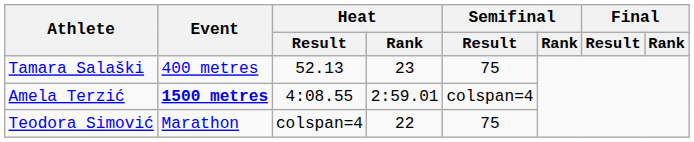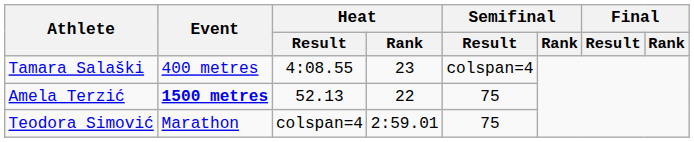 <table class="wikitable" style="font-size:90%">
 <tr>
 <th rowspan="2">Athlete</th>
 <th rowspan="2">Event</th>
 <th colspan="2">Heat</th>
 <th colspan="2">Semifinal</th>
 <th colspan="2">Final</th>
 </tr>
 <tr style="font-size:95%">
 <th>Result</th>
 <th>Rank</th>
 <th>Result</th>
 <th>Rank</th>
 <th>Result</th>
 <th>Rank</th>
 </tr>
 <tr style=text-align:center>
 <td style=text-align:left><a href='#'>Tamara Salaški</a></td>
 <td style=text-align:left><a href='#'>400 metres</a></td>
-<td>52.13</td>
+<td>4:08.55</td>
 <td>23</td>
-<td>75</td>
+<td>colspan=4 </td>
 </tr>
 <tr style=text-align:center>
 <td style=text-align:left><a href='#'>Amela Terzić</a></td>
 <td style=text-align:left><strong><a href='#'>1500 metres</a></strong></td>
-<td>4:08.55</td>
-<td>2:59.01</td>
-<td>colspan=4 </td>
+<td>52.13</td>
+<td>22</td>
+<td>75</td>
 </tr>
 <tr style=text-align:center>
 <td style=text-align:left><a href='#'>Teodora Simović</a></td>
 <td style=text-align:left><a href='#'>Marathon</a></td>
 <td>colspan=4 </td>
-<td>22</td>
+<td>2:59.01</td>
 <td>75</td>
 </tr>
 </table>
